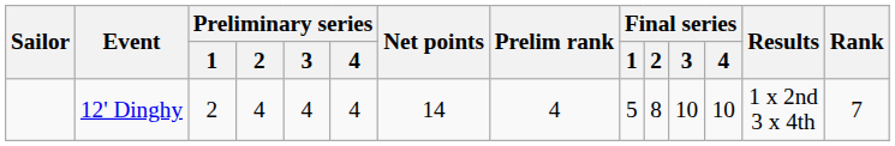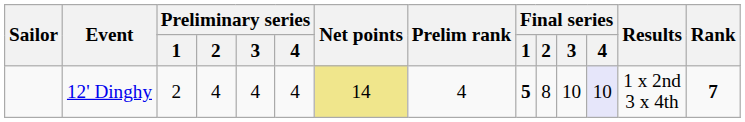 <table class="wikitable sortable" style="text-align:center">
 <tr>
 <th rowspan="2">Sailor</th>
 <th rowspan="2">Event</th>
 <th colspan=4>Preliminary series</th>
 <th rowspan=2>Net points</th>
 <th rowspan=2>Prelim rank</th>
 <th colspan=4>Final series</th>
 <th rowspan=2>Results</th>
 <th rowspan=2>Rank</th>
 </tr>
 <tr>
 <th>1</th>
 <th>2</th>
 <th>3</th>
 <th>4</th>
 <th>1</th>
 <th>2</th>
 <th>3</th>
 <th>4</th>
 </tr>
 <tr>
 <td align=left></td>
 <td align=left><a href='#'>12' Dinghy</a></td>
 <td>2</td>
 <td>4</td>
 <td>4</td>
 <td>4</td>
-<td>14</td>
+<td style="background: khaki;">14</td>
 <td>4</td>
-<td>5</td>
+<td><strong>5</strong></td>
 <td>8</td>
 <td>10 </td>
-<td>10 </td>
+<td style="background: lavender;">10 </td>
 <td>1 x 2nd <br> 3 x 4th</td>
-<td>7</td>
+<td><strong>7</strong></td>
 </tr>
 </table>
